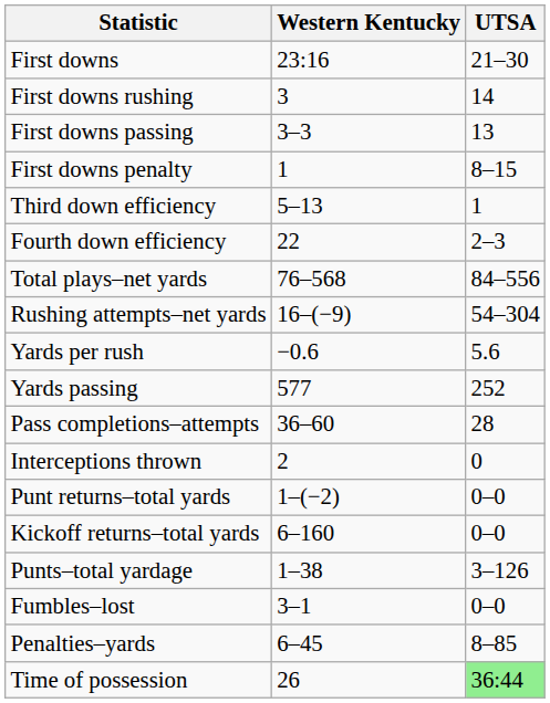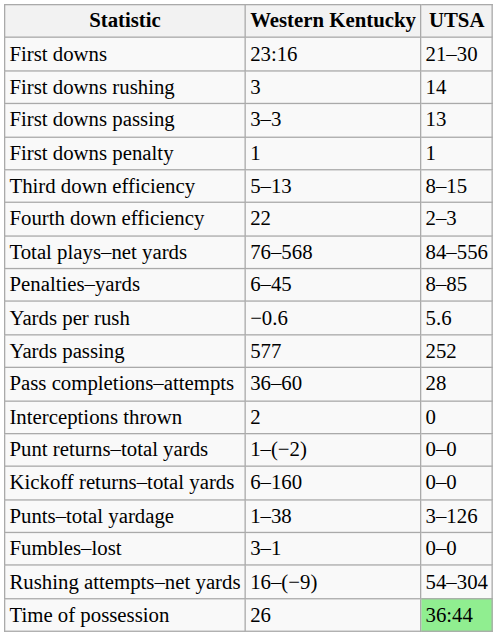 <table class="wikitable">
 <tr>
 <th>Statistic</th>
 <th><strong>Western Kentucky</strong></th>
 <th><strong>UTSA</strong></th>
 </tr>
 <tr>
 <td>First downs</td>
 <td>23:16</td>
 <td>21–30</td>
 </tr>
 <tr>
 <td>First downs rushing</td>
 <td>3</td>
 <td>14</td>
 </tr>
 <tr>
 <td>First downs passing</td>
 <td>3–3</td>
 <td>13</td>
 </tr>
 <tr>
 <td>First downs penalty</td>
 <td>1</td>
-<td>8–15</td>
+<td>1</td>
 </tr>
 <tr>
 <td>Third down efficiency</td>
 <td>5–13</td>
-<td>1</td>
+<td>8–15</td>
 </tr>
 <tr>
 <td>Fourth down efficiency</td>
 <td>22</td>
 <td>2–3</td>
 </tr>
 <tr>
 <td>Total plays–net yards</td>
 <td>76–568</td>
 <td>84–556</td>
 </tr>
 <tr>
-<td>Rushing attempts–net yards</td>
-<td>16–(−9)</td>
-<td>54–304</td>
+<td>Penalties–yards</td>
+<td>6–45</td>
+<td>8–85</td>
 </tr>
 <tr>
 <td>Yards per rush</td>
 <td>−0.6</td>
 <td>5.6</td>
 </tr>
 <tr>
 <td>Yards passing</td>
 <td>577</td>
 <td>252</td>
 </tr>
 <tr>
 <td>Pass completions–attempts</td>
 <td>36–60</td>
 <td>28</td>
 </tr>
 <tr>
 <td>Interceptions thrown</td>
 <td>2</td>
 <td>0</td>
 </tr>
 <tr>
 <td>Punt returns–total yards</td>
 <td>1–(−2)</td>
 <td>0–0</td>
 </tr>
 <tr>
 <td>Kickoff returns–total yards</td>
 <td>6–160</td>
 <td>0–0</td>
 </tr>
 <tr>
 <td>Punts–total yardage</td>
 <td>1–38</td>
 <td>3–126</td>
 </tr>
 <tr>
 <td>Fumbles–lost</td>
 <td>3–1</td>
 <td>0–0</td>
 </tr>
 <tr>
-<td>Penalties–yards</td>
-<td>6–45</td>
-<td>8–85</td>
+<td>Rushing attempts–net yards</td>
+<td>16–(−9)</td>
+<td>54–304</td>
 </tr>
 <tr>
 <td>Time of possession</td>
 <td>26</td>
 <td style="background: lightgreen;">36:44</td>
 </tr>
 </table>
